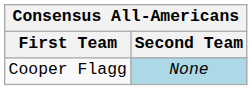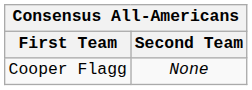 <table class="wikitable" style="font-size: 95%; text-align: center;">
 <tr>
 <th Colspan=2>Consensus All-Americans</th>
 </tr>
 <tr>
 <th>First Team</th>
 <th>Second Team</th>
 </tr>
 <tr>
 <td>Cooper Flagg</td>
-<td style="background: lightblue;"><em>None</em></td>
+<td><em>None</em></td>
 </tr>
 </table>
